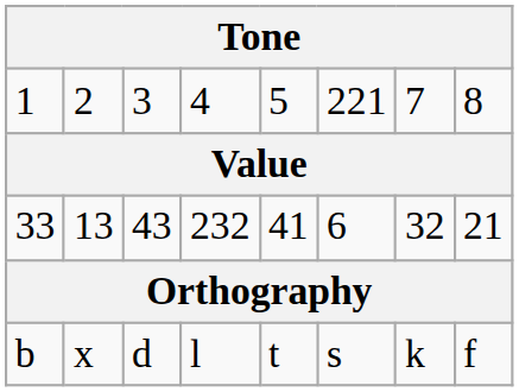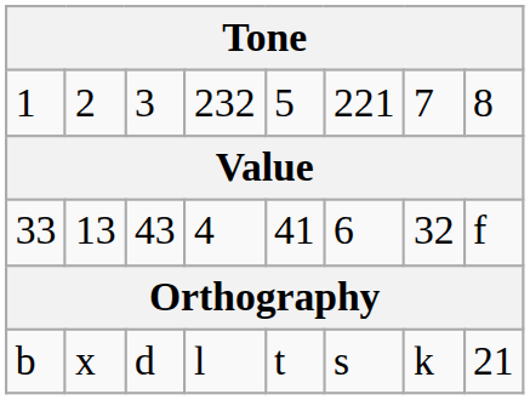 <table class="wikitable">
 <tr -->
 <th colspan="8">Tone</th>
 </tr>
 <tr -->
 <td>1</td>
 <td>2</td>
 <td>3</td>
-<td>4</td>
+<td>232</td>
 <td>5</td>
 <td>221</td>
 <td>7</td>
 <td>8</td>
 </tr>
 <tr -->
 <th colspan="15">Value</th>
 </tr>
 <tr -->
 <td>33</td>
 <td>13</td>
 <td>43</td>
-<td>232</td>
+<td>4</td>
 <td>41</td>
 <td>6</td>
 <td>32</td>
-<td>21</td>
+<td>f</td>
 </tr>
 <tr -->
 <th colspan="8">Orthography</th>
 </tr>
 <tr -->
 <td>b</td>
 <td>x</td>
 <td>d</td>
 <td>l</td>
 <td>t</td>
 <td>s</td>
 <td>k</td>
-<td>f</td>
+<td>21</td>
 </tr>
 </table>
